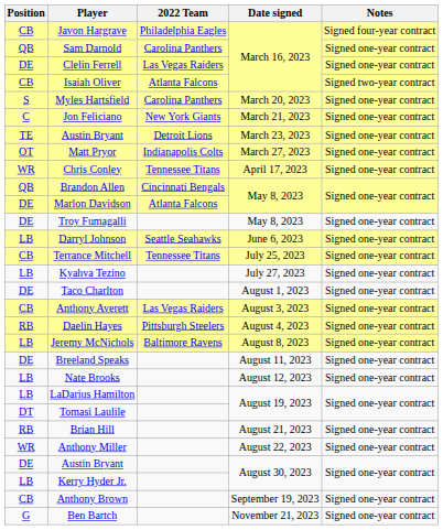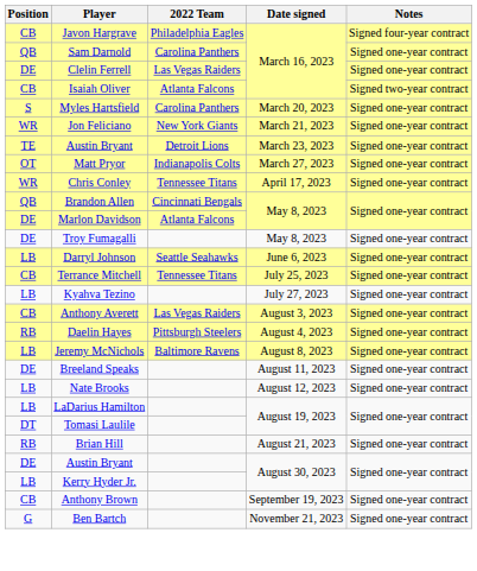 <table class="sortable wikitable" style="text-align:center">
 <tr>
 <th>Position</th>
 <th>Player</th>
 <th>2022 Team</th>
 <th>Date signed</th>
 <th>Notes</th>
 </tr>
 <tr style="background:#ff9">
 <td><a href='#'>CB</a></td>
 <td><a href='#'>Javon Hargrave</a></td>
 <td><a href='#'>Philadelphia Eagles</a></td>
 <td rowspan="4">March 16, 2023</td>
 <td>Signed four-year contract</td>
 </tr>
 <tr style="background:#ff9">
 <td><a href='#'>QB</a></td>
 <td><a href='#'>Sam Darnold</a></td>
 <td><a href='#'>Carolina Panthers</a></td>
 <td>Signed one-year contract</td>
 </tr>
 <tr style="background:#ff9">
 <td><a href='#'>DE</a></td>
 <td><a href='#'>Clelin Ferrell</a></td>
 <td><a href='#'>Las Vegas Raiders</a></td>
 <td>Signed one-year contract</td>
 </tr>
 <tr style="background:#ff9">
 <td><a href='#'>CB</a></td>
 <td><a href='#'>Isaiah Oliver</a></td>
 <td><a href='#'>Atlanta Falcons</a></td>
 <td>Signed two-year contract</td>
 </tr>
 <tr style="background:#ff9">
 <td><a href='#'>S</a></td>
 <td><a href='#'>Myles Hartsfield</a></td>
 <td><a href='#'>Carolina Panthers</a></td>
 <td>March 20, 2023</td>
 <td>Signed one-year contract</td>
 </tr>
 <tr style="background:#ff9">
-<td><a href='#'>C</a></td>
+<td><a href='#'>WR</a></td>
 <td><a href='#'>Jon Feliciano</a></td>
 <td><a href='#'>New York Giants</a></td>
 <td>March 21, 2023</td>
 <td>Signed one-year contract</td>
 </tr>
 <tr style="background:#ff9">
 <td><a href='#'>TE</a></td>
 <td><a href='#'>Austin Bryant</a></td>
 <td><a href='#'>Detroit Lions</a></td>
 <td>March 23, 2023</td>
 <td>Signed one-year contract</td>
 </tr>
 <tr style="background:#ff9">
 <td><a href='#'>OT</a></td>
 <td><a href='#'>Matt Pryor</a></td>
 <td><a href='#'>Indianapolis Colts</a></td>
 <td>March 27, 2023</td>
 <td>Signed one-year contract</td>
 </tr>
 <tr style="background:#ff9">
 <td><a href='#'>WR</a></td>
 <td><a href='#'>Chris Conley</a></td>
 <td><a href='#'>Tennessee Titans</a></td>
 <td>April 17, 2023</td>
 <td>Signed one-year contract</td>
 </tr>
 <tr style="background:#ff9">
 <td><a href='#'>QB</a></td>
 <td><a href='#'>Brandon Allen</a></td>
 <td><a href='#'>Cincinnati Bengals</a></td>
 <td rowspan="2">May 8, 2023</td>
 <td rowspan="2">Signed one-year contract</td>
 </tr>
 <tr style="background:#ff9">
 <td><a href='#'>DE</a></td>
 <td><a href='#'>Marlon Davidson</a></td>
 <td><a href='#'>Atlanta Falcons</a></td>
 </tr>
 <tr>
 <td><a href='#'>DE</a></td>
 <td><a href='#'>Troy Fumagalli</a></td>
 <td></td>
 <td>May 8, 2023</td>
 <td>Signed one-year contract</td>
 </tr>
 <tr style="background:#ff9">
 <td><a href='#'>LB</a></td>
 <td><a href='#'>Darryl Johnson</a></td>
 <td><a href='#'>Seattle Seahawks</a></td>
 <td>June 6, 2023</td>
 <td>Signed one-year contract</td>
 </tr>
 <tr style="background:#ff9">
 <td><a href='#'>CB</a></td>
 <td><a href='#'>Terrance Mitchell</a></td>
 <td><a href='#'>Tennessee Titans</a></td>
 <td>July 25, 2023</td>
 <td>Signed one-year contract</td>
 </tr>
 <tr>
 <td><a href='#'>LB</a></td>
 <td><a href='#'>Kyahva Tezino</a></td>
 <td></td>
 <td>July 27, 2023</td>
 <td>Signed one-year contract</td>
 </tr>
-<tr>
-<td><a href='#'>DE</a></td>
-<td><a href='#'>Taco Charlton</a></td>
-<td></td>
-<td>August 1, 2023</td>
-<td>Signed one-year contract</td>
-</tr>
 <tr style="background:#ff9">
 <td><a href='#'>CB</a></td>
 <td><a href='#'>Anthony Averett</a></td>
 <td><a href='#'>Las Vegas Raiders</a></td>
 <td>August 3, 2023</td>
 <td>Signed one-year contract</td>
 </tr>
 <tr style="background:#ff9">
 <td><a href='#'>RB</a></td>
 <td><a href='#'>Daelin Hayes</a></td>
 <td><a href='#'>Pittsburgh Steelers</a></td>
 <td>August 4, 2023</td>
 <td>Signed one-year contract</td>
 </tr>
 <tr style="background:#ff9">
 <td><a href='#'>LB</a></td>
 <td><a href='#'>Jeremy McNichols</a></td>
 <td><a href='#'>Baltimore Ravens</a></td>
 <td>August 8, 2023</td>
 <td>Signed one-year contract</td>
 </tr>
 <tr>
 <td><a href='#'>DE</a></td>
 <td><a href='#'>Breeland Speaks</a></td>
 <td></td>
 <td>August 11, 2023</td>
 <td>Signed one-year contract</td>
 </tr>
 <tr>
 <td><a href='#'>LB</a></td>
 <td><a href='#'>Nate Brooks</a></td>
 <td></td>
 <td>August 12, 2023</td>
 <td>Signed one-year contract</td>
 </tr>
 <tr>
 <td><a href='#'>LB</a></td>
 <td><a href='#'>LaDarius Hamilton</a></td>
 <td></td>
 <td rowspan=2>August 19, 2023</td>
 <td rowspan=2>Signed one-year contract</td>
 </tr>
 <tr>
 <td><a href='#'>DT</a></td>
 <td><a href='#'>Tomasi Laulile</a></td>
 <td></td>
 </tr>
 <tr>
 <td><a href='#'>RB</a></td>
 <td><a href='#'>Brian Hill</a></td>
 <td></td>
 <td>August 21, 2023</td>
 <td>Signed one-year contract</td>
 </tr>
 <tr>
-<td><a href='#'>WR</a></td>
-<td><a href='#'>Anthony Miller</a></td>
-<td></td>
-<td>August 22, 2023</td>
-<td>Signed one-year contract</td>
-</tr>
-<tr>
 <td><a href='#'>DE</a></td>
 <td><a href='#'>Austin Bryant</a></td>
 <td></td>
 <td rowspan=2>August 30, 2023</td>
 <td rowspan=2>Signed one-year contract</td>
 </tr>
 <tr>
 <td><a href='#'>LB</a></td>
 <td><a href='#'>Kerry Hyder Jr.</a></td>
 <td></td>
 </tr>
 <tr>
 <td><a href='#'>CB</a></td>
 <td><a href='#'>Anthony Brown</a></td>
 <td></td>
 <td>September 19, 2023</td>
 <td>Signed one-year contract</td>
 </tr>
 <tr>
 <td><a href='#'>G</a></td>
 <td><a href='#'>Ben Bartch</a></td>
 <td></td>
 <td>November 21, 2023</td>
 <td>Signed one-year contract</td>
 </tr>
 </table>
